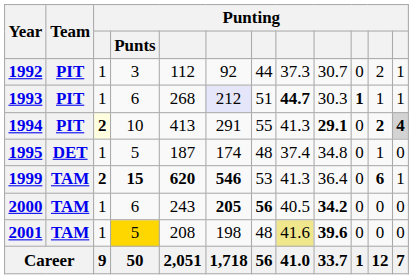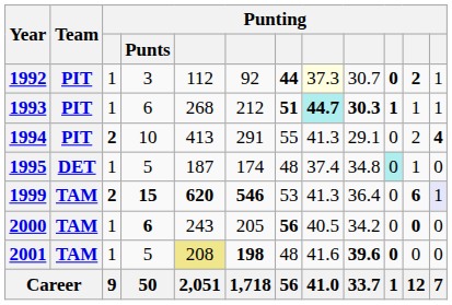 <table class=wikitable style="text-align:center;">
 <tr>
 <th rowspan="2">Year</th>
 <th rowspan="2">Team</th>
 <th colspan="10">Punting</th>
 </tr>
 <tr>
 <th></th>
 <th>Punts</th>
 <th></th>
 <th></th>
 <th></th>
 <th></th>
 <th></th>
 <th></th>
 <th></th>
 <th></th>
 </tr>
 <tr>
 <th><a href='#'>1992</a></th>
 <th><a href='#'>PIT</a></th>
 <td>1</td>
 <td>3</td>
 <td>112</td>
 <td>92</td>
-<td>44</td>
-<td>37.3</td>
+<td><strong>44</strong></td>
+<td style="background: lightyellow;">37.3</td>
 <td>30.7</td>
-<td>0</td>
-<td>2</td>
+<td><strong>0</strong></td>
+<td><strong>2</strong></td>
 <td>1</td>
 </tr>
 <tr>
 <th><a href='#'>1993</a></th>
 <th><a href='#'>PIT</a></th>
 <td>1</td>
 <td>6</td>
 <td>268</td>
-<td style="background: lavender;">212</td>
-<td>51</td>
-<td><strong>44.7</strong></td>
-<td>30.3</td>
+<td>212</td>
+<td><strong>51</strong></td>
+<td style="background: paleturquoise;"><strong>44.7</strong></td>
+<td><strong>30.3</strong></td>
 <td><strong>1</strong></td>
 <td>1</td>
 <td>1</td>
 </tr>
 <tr>
 <th><a href='#'>1994</a></th>
 <th><a href='#'>PIT</a></th>
-<td style="background: lightyellow;"><strong>2</strong></td>
+<td><strong>2</strong></td>
 <td>10</td>
 <td>413</td>
 <td>291</td>
 <td>55</td>
 <td>41.3</td>
-<td><strong>29.1</strong></td>
+<td>29.1</td>
 <td>0</td>
-<td><strong>2</strong></td>
-<td style="background: lightgrey;"><strong>4</strong></td>
+<td>2</td>
+<td><strong>4</strong></td>
 </tr>
 <tr>
 <th><a href='#'>1995</a></th>
 <th><a href='#'>DET</a></th>
 <td>1</td>
 <td>5</td>
 <td>187</td>
 <td>174</td>
 <td>48</td>
 <td>37.4</td>
 <td>34.8</td>
-<td>0</td>
+<td style="background: paleturquoise;">0</td>
 <td>1</td>
 <td>0</td>
 </tr>
 <tr>
 <th><a href='#'>1999</a></th>
 <th><a href='#'>TAM</a></th>
 <td><strong>2</strong></td>
 <td><strong>15</strong></td>
 <td><strong>620</strong></td>
 <td><strong>546</strong></td>
 <td>53</td>
 <td>41.3</td>
 <td>36.4</td>
 <td>0</td>
 <td><strong>6</strong></td>
-<td>1</td>
+<td style="background: lavender;">1</td>
 </tr>
 <tr>
 <th><a href='#'>2000</a></th>
 <th><a href='#'>TAM</a></th>
 <td>1</td>
-<td>6</td>
+<td><strong>6</strong></td>
 <td>243</td>
-<td><strong>205</strong></td>
+<td>205</td>
 <td><strong>56</strong></td>
 <td>40.5</td>
-<td><strong>34.2</strong></td>
+<td>34.2</td>
 <td>0</td>
-<td>0</td>
+<td><strong>0</strong></td>
 <td>0</td>
 </tr>
 <tr>
 <th><a href='#'>2001</a></th>
 <th><a href='#'>TAM</a></th>
 <td>1</td>
-<td style="background: gold;">5</td>
-<td>208</td>
-<td>198</td>
+<td>5</td>
+<td style="background: khaki;">208</td>
+<td><strong>198</strong></td>
 <td>48</td>
-<td style="background: khaki;">41.6</td>
+<td>41.6</td>
 <td><strong>39.6</strong></td>
-<td>0</td>
+<td><strong>0</strong></td>
 <td>0</td>
 <td>0</td>
 </tr>
 <tr>
 <th colspan="2">Career</th>
 <th>9</th>
 <th>50</th>
 <th>2,051</th>
 <th>1,718</th>
 <th>56</th>
 <th>41.0</th>
 <th>33.7</th>
 <th>1</th>
 <th>12</th>
 <th>7</th>
 </tr>
 </table>
